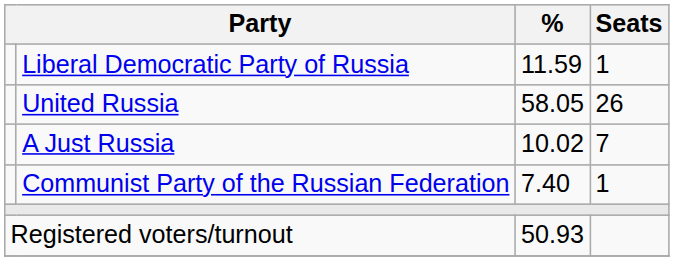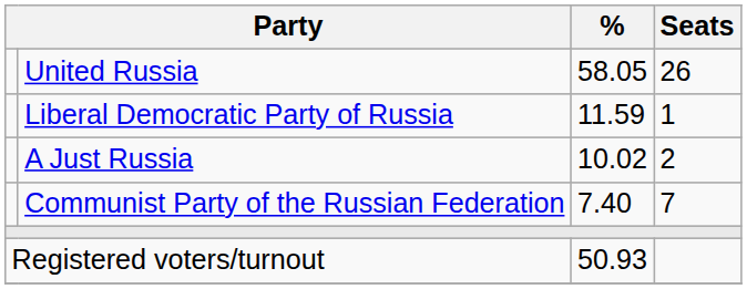 <table class="wikitable">
 <tr>
 <th colspan=2>Party</th>
 <th>%</th>
 <th>Seats</th>
+</tr>
+<tr>
+<td style="background:"></td>
+<td><a href='#'>United Russia</a></td>
+<td>58.05</td>
+<td>26</td>
 </tr>
 <tr>
 <td style="background:"></td>
 <td><a href='#'>Liberal Democratic Party of Russia</a></td>
 <td>11.59</td>
 <td>1</td>
 </tr>
 <tr>
 <td style="background:"></td>
-<td><a href='#'>United Russia</a></td>
-<td>58.05</td>
-<td>26</td>
-</tr>
-<tr>
-<td style="background:"></td>
 <td><a href='#'>A Just Russia</a></td>
 <td>10.02</td>
-<td>7</td>
+<td>2</td>
 </tr>
 <tr>
 <td style="background:"></td>
 <td><a href='#'>Communist Party of the Russian Federation</a></td>
 <td>7.40</td>
-<td>1</td>
+<td>7</td>
 </tr>
 <tr>
 <td colspan=4 style="background:#E9E9E9;"></td>
 </tr>
 <tr>
 <td align=left colspan=2>Registered voters/turnout</td>
 <td>50.93</td>
 <td></td>
 </tr>
 <tr>
 </tr>
 </table>
